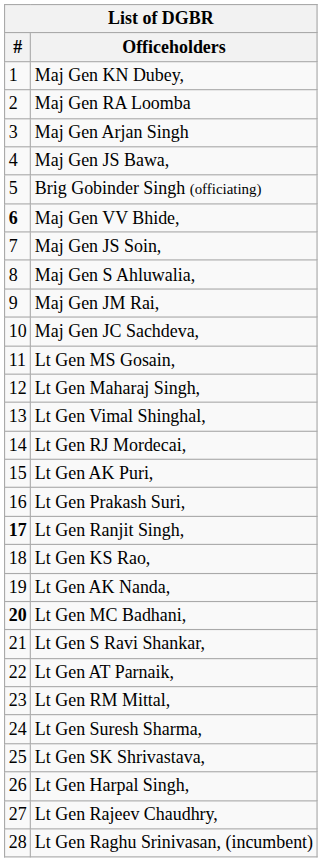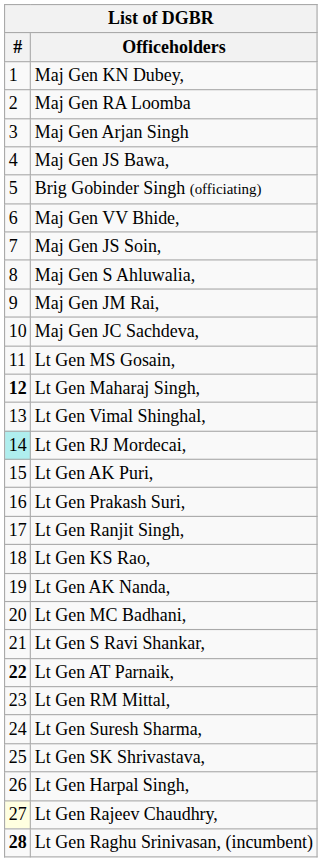 <table class="wikitable">
 <tr>
 <th colspan="2">List of DGBR</th>
 </tr>
 <tr>
 <th>#</th>
 <th>Officeholders</th>
 </tr>
 <tr>
 <td>1</td>
 <td>Maj Gen KN Dubey, </td>
 </tr>
 <tr>
 <td>2</td>
 <td>Maj Gen RA Loomba</td>
 </tr>
 <tr>
 <td>3</td>
 <td>Maj Gen Arjan Singh</td>
 </tr>
 <tr>
 <td>4</td>
 <td>Maj Gen JS Bawa, </td>
 </tr>
 <tr>
 <td>5</td>
 <td>Brig Gobinder Singh <small>(officiating)</small></td>
 </tr>
 <tr>
-<td><strong>6</strong></td>
+<td>6</td>
 <td>Maj Gen VV Bhide, </td>
 </tr>
 <tr>
 <td>7</td>
 <td>Maj Gen JS Soin, </td>
 </tr>
 <tr>
 <td>8</td>
 <td>Maj Gen S Ahluwalia, </td>
 </tr>
 <tr>
 <td>9</td>
 <td>Maj Gen JM Rai, </td>
 </tr>
 <tr>
 <td>10</td>
 <td>Maj Gen JC Sachdeva, </td>
 </tr>
 <tr>
 <td>11</td>
 <td>Lt Gen MS Gosain, </td>
 </tr>
 <tr>
-<td>12</td>
+<td><strong>12</strong></td>
 <td>Lt Gen Maharaj Singh, </td>
 </tr>
 <tr>
 <td>13</td>
 <td>Lt Gen Vimal Shinghal, </td>
 </tr>
 <tr>
-<td>14</td>
+<td style="background: paleturquoise;">14</td>
 <td>Lt Gen RJ Mordecai, </td>
 </tr>
 <tr>
 <td>15</td>
 <td>Lt Gen AK Puri, </td>
 </tr>
 <tr>
 <td>16</td>
 <td>Lt Gen Prakash Suri, </td>
 </tr>
 <tr>
-<td><strong>17</strong></td>
+<td>17</td>
 <td>Lt Gen Ranjit Singh, </td>
 </tr>
 <tr>
 <td>18</td>
 <td>Lt Gen KS Rao, </td>
 </tr>
 <tr>
 <td>19</td>
 <td>Lt Gen AK Nanda, </td>
 </tr>
 <tr>
-<td><strong>20</strong></td>
+<td>20</td>
 <td>Lt Gen MC Badhani, </td>
 </tr>
 <tr>
 <td>21</td>
 <td>Lt Gen S Ravi Shankar, </td>
 </tr>
 <tr>
-<td>22</td>
+<td><strong>22</strong></td>
 <td>Lt Gen AT Parnaik, </td>
 </tr>
 <tr>
 <td>23</td>
 <td>Lt Gen RM Mittal, </td>
 </tr>
 <tr>
 <td>24</td>
 <td>Lt Gen Suresh Sharma, </td>
 </tr>
 <tr>
 <td>25</td>
 <td>Lt Gen SK Shrivastava, </td>
 </tr>
 <tr>
 <td>26</td>
 <td>Lt Gen Harpal Singh, </td>
 </tr>
 <tr>
-<td>27</td>
+<td style="background: lightyellow;">27</td>
 <td>Lt Gen Rajeev Chaudhry, </td>
 </tr>
 <tr>
-<td>28</td>
+<td><strong>28</strong></td>
 <td>Lt Gen Raghu Srinivasan,  (incumbent)</td>
 </tr>
 </table>
